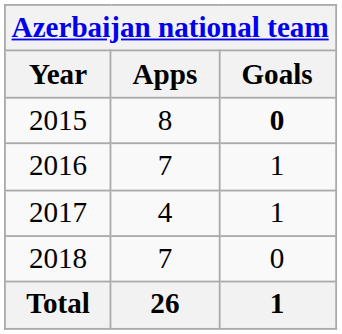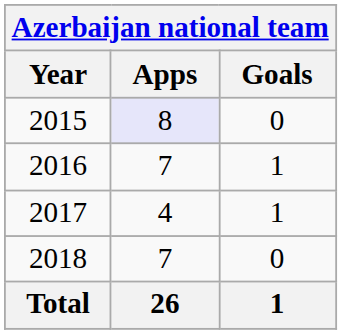 <table class="wikitable" style="text-align:center">
 <tr>
 <th colspan=3><a href='#'>Azerbaijan national team</a></th>
 </tr>
 <tr>
 <th>Year</th>
 <th>Apps</th>
 <th>Goals</th>
 </tr>
 <tr>
 <td>2015</td>
-<td>8</td>
-<td><strong>0</strong></td>
+<td style="background: lavender;">8</td>
+<td>0</td>
 </tr>
 <tr>
 <td>2016</td>
 <td>7</td>
 <td>1</td>
 </tr>
 <tr>
 <td>2017</td>
 <td>4</td>
 <td>1</td>
 </tr>
 <tr>
 <td>2018</td>
 <td>7</td>
 <td>0</td>
 </tr>
 <tr>
 <th>Total</th>
 <th>26</th>
 <th>1</th>
 </tr>
 </table>
